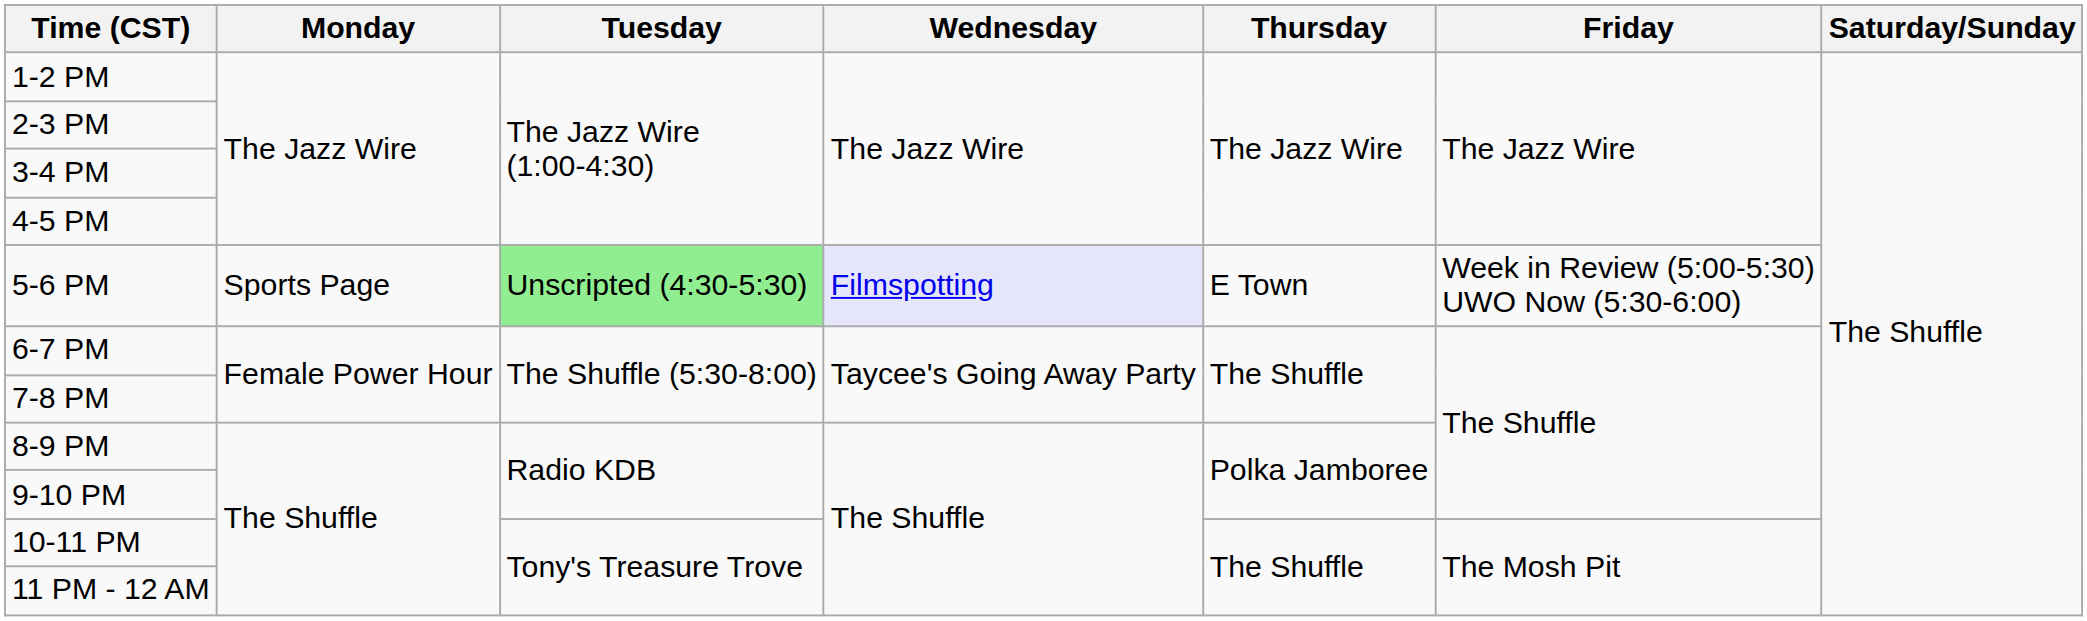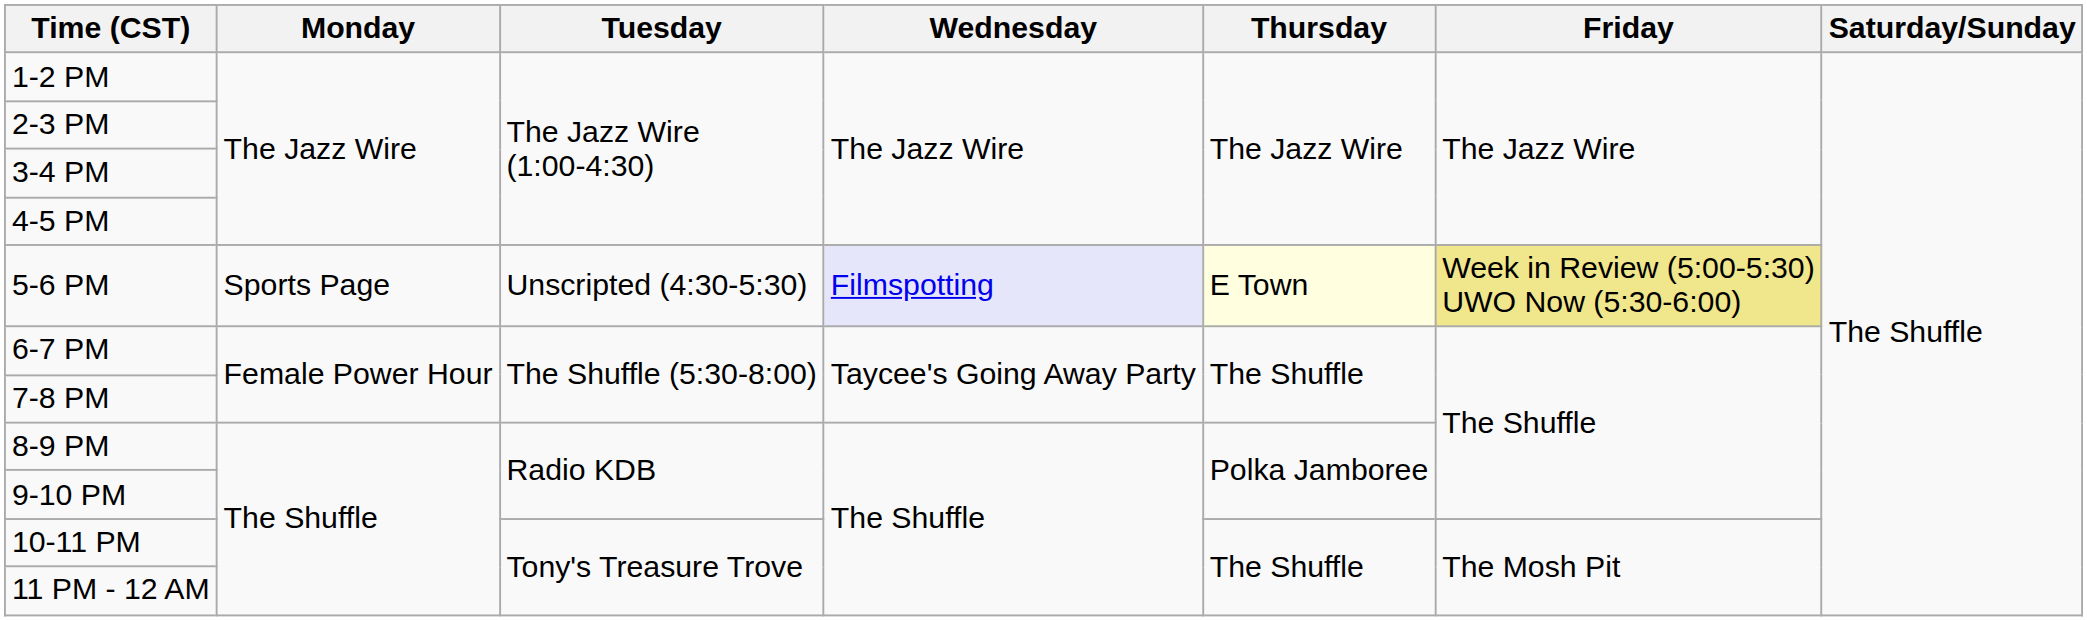 <table class="wikitable">
 <tr>
 <th>Time (CST)</th>
 <th>Monday</th>
 <th>Tuesday</th>
 <th>Wednesday</th>
 <th>Thursday</th>
 <th>Friday</th>
 <th>Saturday/Sunday</th>
 </tr>
 <tr>
 <td>1-2 PM</td>
 <td rowspan="4">The Jazz Wire</td>
 <td rowspan="4">The Jazz Wire<br>(1:00-4:30)</td>
 <td rowspan="4">The Jazz Wire</td>
 <td rowspan="4">The Jazz Wire</td>
 <td rowspan="4">The Jazz Wire</td>
 <td rowspan="11">The Shuffle</td>
 </tr>
 <tr>
 <td>2-3 PM</td>
 </tr>
 <tr>
 <td>3-4 PM</td>
 </tr>
 <tr>
 <td>4-5 PM</td>
 </tr>
 <tr>
 <td>5-6 PM</td>
 <td>Sports Page</td>
-<td style="background: lightgreen;">Unscripted (4:30-5:30)</td>
+<td>Unscripted (4:30-5:30)</td>
 <td style="background: lavender;"><a href='#'>Filmspotting</a></td>
-<td>E Town</td>
-<td>Week in Review (5:00-5:30)<br>UWO Now (5:30-6:00)</td>
+<td style="background: lightyellow;">E Town</td>
+<td style="background: khaki;">Week in Review (5:00-5:30)<br>UWO Now (5:30-6:00)</td>
 </tr>
 <tr>
 <td>6-7 PM</td>
 <td rowspan="2">Female Power Hour</td>
 <td rowspan="2">The Shuffle (5:30-8:00)</td>
 <td rowspan="2">Taycee's Going Away Party</td>
 <td rowspan="2">The Shuffle</td>
 <td rowspan="4">The Shuffle</td>
 </tr>
 <tr>
 <td>7-8 PM</td>
 </tr>
 <tr>
 <td>8-9 PM</td>
 <td rowspan="4">The Shuffle</td>
 <td rowspan="2">Radio KDB</td>
 <td rowspan="4">The Shuffle</td>
 <td rowspan="2">Polka Jamboree</td>
 </tr>
 <tr>
 <td>9-10 PM</td>
 </tr>
 <tr>
 <td>10-11 PM</td>
 <td rowspan="2">Tony's Treasure Trove</td>
 <td rowspan="2">The Shuffle</td>
 <td rowspan="2">The Mosh Pit</td>
 </tr>
 <tr>
 <td>11 PM - 12 AM</td>
 </tr>
 </table>
